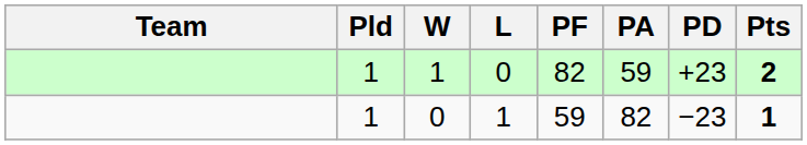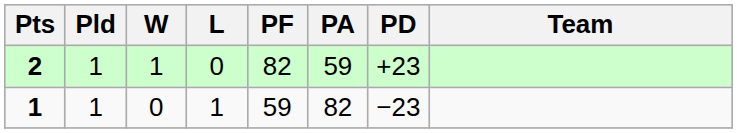 <table class=wikitable style="text-align:center">
 <tr>
-<th width=180>Team</th>
+<th width=30>Pts</th>
 <th width=30>Pld</th>
 <th width=30>W</th>
 <th width=30>L</th>
 <th width=30>PF</th>
 <th width=30>PA</th>
 <th width=30>PD</th>
-<th width=30>Pts</th>
+<th width=180>Team</th>
 </tr>
 <tr bgcolor="#ccffcc">
-<td align="left"></td>
+<td><strong>2</strong></td>
 <td>1</td>
 <td>1</td>
 <td>0</td>
 <td>82</td>
 <td>59</td>
 <td>+23</td>
-<td><strong>2</strong></td>
+<td align="left"></td>
 </tr>
 <tr>
-<td align="left"></td>
+<td><strong>1</strong></td>
 <td>1</td>
 <td>0</td>
 <td>1</td>
 <td>59</td>
 <td>82</td>
 <td>−23</td>
-<td><strong>1</strong></td>
+<td align="left"></td>
 </tr>
 </table>
